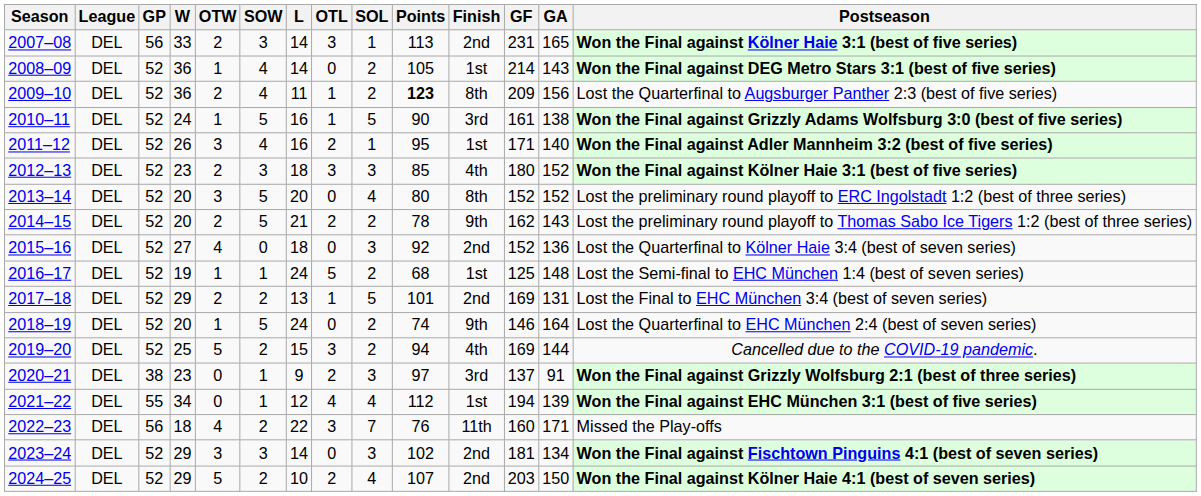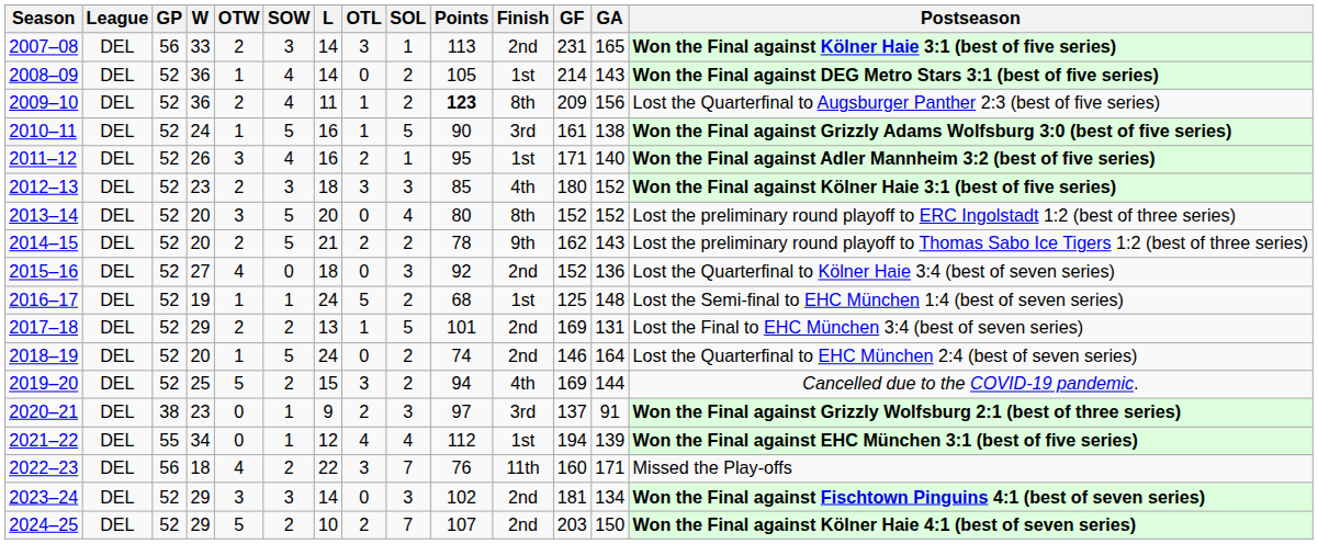 <table class="wikitable">
 <tr>
 <th>Season</th>
 <th>League</th>
 <th>GP</th>
 <th>W</th>
 <th>OTW</th>
 <th>SOW</th>
 <th>L</th>
 <th>OTL</th>
 <th>SOL</th>
 <th>Points</th>
 <th>Finish</th>
 <th>GF</th>
 <th>GA</th>
 <th>Postseason</th>
 </tr>
 <tr>
 <td><a href='#'>2007–08</a></td>
 <td style="text-align:center;">DEL</td>
 <td style="text-align:center;">56</td>
 <td style="text-align:center;">33</td>
 <td style="text-align:center;">2</td>
 <td style="text-align:center;">3</td>
 <td style="text-align:center;">14</td>
 <td style="text-align:center;">3</td>
 <td style="text-align:center;">1</td>
 <td style="text-align:center;">113</td>
 <td style="text-align:center;">2nd</td>
 <td style="text-align:center;">231</td>
 <td style="text-align:center;">165</td>
 <td style="background:#dfd;"><strong>Won the Final against <a href='#'>Kölner Haie</a> 3:1 (best of five series)</strong></td>
 </tr>
 <tr>
 <td><a href='#'>2008–09</a></td>
 <td style="text-align:center;">DEL</td>
 <td style="text-align:center;">52</td>
 <td style="text-align:center;">36</td>
 <td style="text-align:center;">1</td>
 <td style="text-align:center;">4</td>
 <td style="text-align:center;">14</td>
 <td style="text-align:center;">0</td>
 <td style="text-align:center;">2</td>
 <td style="text-align:center;">105</td>
 <td style="text-align:center;">1st</td>
 <td style="text-align:center;">214</td>
 <td style="text-align:center;">143</td>
 <td style="background:#dfd;"><strong>Won the Final against DEG Metro Stars 3:1 (best of five series)</strong></td>
 </tr>
 <tr>
 <td><a href='#'>2009–10</a></td>
 <td style="text-align:center;">DEL</td>
 <td style="text-align:center;">52</td>
 <td style="text-align:center;">36</td>
 <td style="text-align:center;">2</td>
 <td style="text-align:center;">4</td>
 <td style="text-align:center;">11</td>
 <td style="text-align:center;">1</td>
 <td style="text-align:center;">2</td>
 <td style="text-align:center;"><strong>123</strong></td>
 <td style="text-align:center;">8th</td>
 <td style="text-align:center;">209</td>
 <td style="text-align:center;">156</td>
 <td>Lost the Quarterfinal to <a href='#'>Augsburger Panther</a> 2:3 (best of five series)</td>
 </tr>
 <tr>
 <td><a href='#'>2010–11</a></td>
 <td style="text-align:center;">DEL</td>
 <td style="text-align:center;">52</td>
 <td style="text-align:center;">24</td>
 <td style="text-align:center;">1</td>
 <td style="text-align:center;">5</td>
 <td style="text-align:center;">16</td>
 <td style="text-align:center;">1</td>
 <td style="text-align:center;">5</td>
 <td style="text-align:center;">90</td>
 <td style="text-align:center;">3rd</td>
 <td style="text-align:center;">161</td>
 <td style="text-align:center;">138</td>
 <td style="background:#dfd;"><strong>Won the Final against Grizzly Adams Wolfsburg 3:0 (best of five series)</strong></td>
 </tr>
 <tr>
 <td><a href='#'>2011–12</a></td>
 <td style="text-align:center;">DEL</td>
 <td style="text-align:center;">52</td>
 <td style="text-align:center;">26</td>
 <td style="text-align:center;">3</td>
 <td style="text-align:center;">4</td>
 <td style="text-align:center;">16</td>
 <td style="text-align:center;">2</td>
 <td style="text-align:center;">1</td>
 <td style="text-align:center;">95</td>
 <td style="text-align:center;">1st</td>
 <td style="text-align:center;">171</td>
 <td style="text-align:center;">140</td>
 <td style="background:#dfd;"><strong>Won the Final against Adler Mannheim 3:2 (best of five series)</strong></td>
 </tr>
 <tr>
 <td><a href='#'>2012–13</a></td>
 <td style="text-align:center;">DEL</td>
 <td style="text-align:center;">52</td>
 <td style="text-align:center;">23</td>
 <td style="text-align:center;">2</td>
 <td style="text-align:center;">3</td>
 <td style="text-align:center;">18</td>
 <td style="text-align:center;">3</td>
 <td style="text-align:center;">3</td>
 <td style="text-align:center;">85</td>
 <td style="text-align:center;">4th</td>
 <td style="text-align:center;">180</td>
 <td style="text-align:center;">152</td>
 <td style="background:#dfd;"><strong>Won the Final against Kölner Haie 3:1 (best of five series)</strong></td>
 </tr>
 <tr>
 <td><a href='#'>2013–14</a></td>
 <td style="text-align:center;">DEL</td>
 <td style="text-align:center;">52</td>
 <td style="text-align:center;">20</td>
 <td style="text-align:center;">3</td>
 <td style="text-align:center;">5</td>
 <td style="text-align:center;">20</td>
 <td style="text-align:center;">0</td>
 <td style="text-align:center;">4</td>
 <td style="text-align:center;">80</td>
 <td style="text-align:center;">8th</td>
 <td style="text-align:center;">152</td>
 <td style="text-align:center;">152</td>
 <td>Lost the preliminary round playoff to <a href='#'>ERC Ingolstadt</a> 1:2 (best of three series)</td>
 </tr>
 <tr>
 <td><a href='#'>2014–15</a></td>
 <td style="text-align:center;">DEL</td>
 <td style="text-align:center;">52</td>
 <td style="text-align:center;">20</td>
 <td style="text-align:center;">2</td>
 <td style="text-align:center;">5</td>
 <td style="text-align:center;">21</td>
 <td style="text-align:center;">2</td>
 <td style="text-align:center;">2</td>
 <td style="text-align:center;">78</td>
 <td style="text-align:center;">9th</td>
 <td style="text-align:center;">162</td>
 <td style="text-align:center;">143</td>
 <td>Lost the preliminary round playoff to <a href='#'>Thomas Sabo Ice Tigers</a> 1:2 (best of three series)</td>
 </tr>
 <tr>
 <td><a href='#'>2015–16</a></td>
 <td style="text-align:center;">DEL</td>
 <td style="text-align:center;">52</td>
 <td style="text-align:center;">27</td>
 <td style="text-align:center;">4</td>
 <td style="text-align:center;">0</td>
 <td style="text-align:center;">18</td>
 <td style="text-align:center;">0</td>
 <td style="text-align:center;">3</td>
 <td style="text-align:center;">92</td>
 <td style="text-align:center;">2nd</td>
 <td style="text-align:center;">152</td>
 <td style="text-align:center;">136</td>
 <td>Lost the Quarterfinal to <a href='#'>Kölner Haie</a> 3:4 (best of seven series)</td>
 </tr>
 <tr>
 <td><a href='#'>2016–17</a></td>
 <td style="text-align:center;">DEL</td>
 <td style="text-align:center;">52</td>
 <td style="text-align:center;">19</td>
 <td style="text-align:center;">1</td>
 <td style="text-align:center;">1</td>
 <td style="text-align:center;">24</td>
 <td style="text-align:center;">5</td>
 <td style="text-align:center;">2</td>
 <td style="text-align:center;">68</td>
 <td style="text-align:center;">1st</td>
 <td style="text-align:center;">125</td>
 <td style="text-align:center;">148</td>
 <td>Lost the Semi-final to <a href='#'>EHC München</a> 1:4 (best of seven series)</td>
 </tr>
 <tr>
 <td><a href='#'>2017–18</a></td>
 <td style="text-align:center;">DEL</td>
 <td style="text-align:center;">52</td>
 <td style="text-align:center;">29</td>
 <td style="text-align:center;">2</td>
 <td style="text-align:center;">2</td>
 <td style="text-align:center;">13</td>
 <td style="text-align:center;">1</td>
 <td style="text-align:center;">5</td>
 <td style="text-align:center;">101</td>
 <td style="text-align:center;">2nd</td>
 <td style="text-align:center;">169</td>
 <td style="text-align:center;">131</td>
 <td>Lost the Final to <a href='#'>EHC München</a> 3:4 (best of seven series)</td>
 </tr>
 <tr>
 <td><a href='#'>2018–19</a></td>
 <td style="text-align:center;">DEL</td>
 <td style="text-align:center;">52</td>
 <td style="text-align:center;">20</td>
 <td style="text-align:center;">1</td>
 <td style="text-align:center;">5</td>
 <td style="text-align:center;">24</td>
 <td style="text-align:center;">0</td>
 <td style="text-align:center;">2</td>
 <td style="text-align:center;">74</td>
-<td style="text-align:center;">9th</td>
+<td style="text-align:center;">2nd</td>
 <td style="text-align:center;">146</td>
 <td style="text-align:center;">164</td>
 <td>Lost the Quarterfinal to <a href='#'>EHC München</a> 2:4 (best of seven series)</td>
 </tr>
 <tr style="text-align:center;">
 <td><a href='#'>2019–20</a></td>
 <td>DEL</td>
 <td>52</td>
 <td>25</td>
 <td>5</td>
 <td>2</td>
 <td>15</td>
 <td>3</td>
 <td>2</td>
 <td>94</td>
 <td>4th</td>
 <td>169</td>
 <td>144</td>
 <td><em>Cancelled due to the <a href='#'>COVID-19 pandemic</a></em>.</td>
 </tr>
 <tr>
 <td><a href='#'>2020–21</a></td>
 <td style="text-align:center;">DEL</td>
 <td style="text-align:center;">38</td>
 <td style="text-align:center;">23</td>
 <td style="text-align:center;">0</td>
 <td style="text-align:center;">1</td>
 <td style="text-align:center;">9</td>
 <td style="text-align:center;">2</td>
 <td style="text-align:center;">3</td>
 <td style="text-align:center;">97</td>
 <td style="text-align:center;">3rd</td>
 <td style="text-align:center;">137</td>
 <td style="text-align:center;">91</td>
 <td style="background:#dfd;"><strong>Won the Final against Grizzly Wolfsburg 2:1 (best of three series)</strong></td>
 </tr>
 <tr>
 <td><a href='#'>2021–22</a></td>
 <td style="text-align:center;">DEL</td>
 <td style="text-align:center;">55</td>
 <td style="text-align:center;">34</td>
 <td style="text-align:center;">0</td>
 <td style="text-align:center;">1</td>
 <td style="text-align:center;">12</td>
 <td style="text-align:center;">4</td>
 <td style="text-align:center;">4</td>
 <td style="text-align:center;">112</td>
 <td style="text-align:center;">1st</td>
 <td style="text-align:center;">194</td>
 <td style="text-align:center;">139</td>
 <td style="background:#dfd;"><strong>Won the Final against EHC München 3:1 (best of five series)</strong></td>
 </tr>
 <tr>
 <td><a href='#'>2022–23</a></td>
 <td style="text-align:center;">DEL</td>
 <td style="text-align:center;">56</td>
 <td style="text-align:center;">18</td>
 <td style="text-align:center;">4</td>
 <td style="text-align:center;">2</td>
 <td style="text-align:center;">22</td>
 <td style="text-align:center;">3</td>
 <td style="text-align:center;">7</td>
 <td style="text-align:center;">76</td>
 <td style="text-align:center;">11th</td>
 <td style="text-align:center;">160</td>
 <td style="text-align:center;">171</td>
 <td>Missed the Play-offs</td>
 </tr>
 <tr>
 <td><a href='#'>2023–24</a></td>
 <td style="text-align:center;">DEL</td>
 <td style="text-align:center;">52</td>
 <td style="text-align:center;">29</td>
 <td style="text-align:center;">3</td>
 <td style="text-align:center;">3</td>
 <td style="text-align:center;">14</td>
 <td style="text-align:center;">0</td>
 <td style="text-align:center;">3</td>
 <td style="text-align:center;">102</td>
 <td style="text-align:center;">2nd</td>
 <td style="text-align:center;">181</td>
 <td style="text-align:center;">134</td>
 <td style="background:#dfd;"><strong>Won the Final against <a href='#'>Fischtown Pinguins</a> 4:1 (best of seven series)</strong></td>
 </tr>
 <tr>
 <td><a href='#'>2024–25</a></td>
 <td style="text-align:center;">DEL</td>
 <td style="text-align:center;">52</td>
 <td style="text-align:center;">29</td>
 <td style="text-align:center;">5</td>
 <td style="text-align:center;">2</td>
 <td style="text-align:center;">10</td>
 <td style="text-align:center;">2</td>
-<td style="text-align:center;">4</td>
+<td style="text-align:center;">7</td>
 <td style="text-align:center;">107</td>
 <td style="text-align:center;">2nd</td>
 <td style="text-align:center;">203</td>
 <td style="text-align:center;">150</td>
 <td style="background:#dfd;"><strong>Won the Final against Kölner Haie 4:1 (best of seven series)</strong></td>
 </tr>
 </table>
